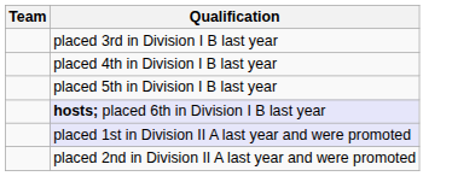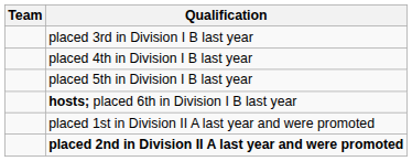 <table class="wikitable">
 <tr>
 <th>Team</th>
 <th>Qualification</th>
 </tr>
 <tr>
 <td></td>
 <td>placed 3rd in Division I B last year</td>
 </tr>
 <tr>
 <td></td>
 <td>placed 4th in Division I B last year</td>
 </tr>
 <tr>
 <td></td>
 <td>placed 5th in Division I B last year</td>
 </tr>
 <tr>
 <td></td>
-<td style="background: lavender;"><strong>hosts;</strong> placed 6th in Division I B last year</td>
+<td><strong>hosts;</strong> placed 6th in Division I B last year</td>
 </tr>
 <tr>
 <td></td>
-<td style="background: lavender;">placed 1st in Division II A last year and were promoted</td>
+<td>placed 1st in Division II A last year and were promoted</td>
 </tr>
 <tr>
 <td></td>
-<td>placed 2nd in Division II A last year and were promoted</td>
+<td><strong>placed 2nd in Division II A last year and were promoted</strong></td>
 </tr>
 </table>
